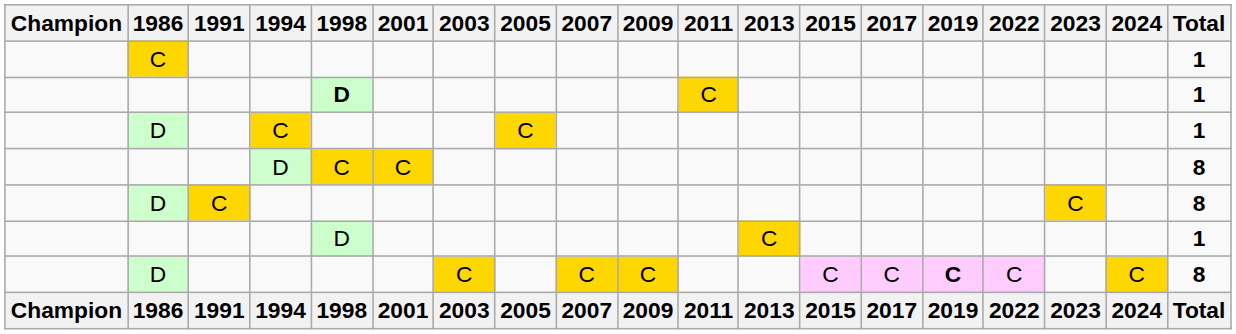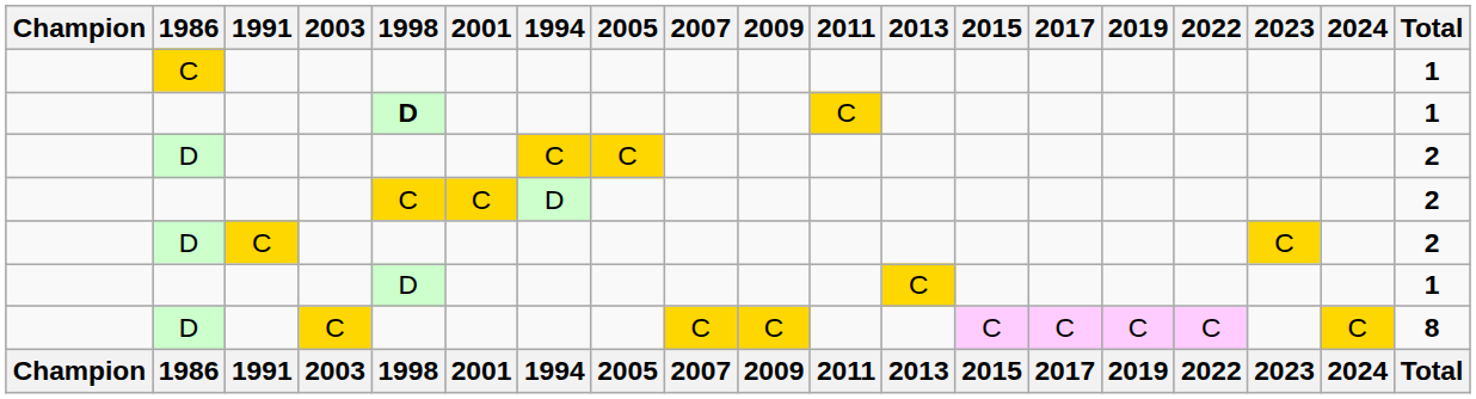 <table class="wikitable" style="text-align: center; font-size: 90%; margin-left: 1em;">
 <tr>
 <th>Champion</th>
 <th>1986</th>
 <th>1991</th>
-<th>1994</th>
+<th>2003</th>
 <th>1998</th>
 <th>2001</th>
-<th>2003</th>
+<th>1994</th>
 <th>2005</th>
 <th>2007</th>
 <th>2009</th>
 <th>2011</th>
 <th>2013</th>
 <th>2015</th>
 <th>2017</th>
 <th>2019</th>
 <th>2022</th>
 <th>2023</th>
 <th>2024</th>
 <th>Total</th>
 </tr>
 <tr>
 <td style="text-align: left;"></td>
 <td style="background-color: gold;">C</td>
 <td></td>
 <td></td>
 <td></td>
 <td></td>
 <td></td>
 <td></td>
 <td></td>
 <td></td>
 <td></td>
 <td></td>
 <td></td>
 <td></td>
 <td></td>
 <td></td>
 <td></td>
 <td></td>
 <td><strong>1</strong></td>
 </tr>
 <tr>
 <td style="text-align: left;"></td>
 <td></td>
 <td></td>
 <td></td>
 <td style="background-color: #ccffcc;"><strong>D</strong></td>
 <td></td>
 <td></td>
 <td></td>
 <td></td>
 <td></td>
 <td style="background-color: gold;">C</td>
 <td></td>
 <td></td>
 <td></td>
 <td></td>
 <td></td>
 <td></td>
 <td></td>
 <td><strong>1</strong></td>
 </tr>
 <tr>
 <td style="text-align: left;"></td>
 <td style="background-color: #ccffcc;">D</td>
 <td></td>
-<td style="background-color: gold;">C</td>
 <td></td>
 <td></td>
 <td></td>
-<td style="background-color: gold;">C</td>
-<td></td>
-<td></td>
-<td></td>
-<td></td>
-<td></td>
-<td></td>
-<td></td>
-<td></td>
-<td></td>
-<td></td>
-<td><strong>1</strong></td>
-</tr>
-<tr>
-<td style="text-align: left;"></td>
-<td></td>
-<td></td>
-<td style="background-color: #ccffcc;">D</td>
 <td style="background-color: gold;">C</td>
 <td style="background-color: gold;">C</td>
 <td></td>
 <td></td>
 <td></td>
 <td></td>
 <td></td>
 <td></td>
 <td></td>
 <td></td>
 <td></td>
 <td></td>
+<td><strong>2</strong></td>
+</tr>
+<tr>
+<td style="text-align: left;"></td>
 <td></td>
 <td></td>
-<td><strong>8</strong></td>
+<td></td>
+<td style="background-color: gold;">C</td>
+<td style="background-color: gold;">C</td>
+<td style="background-color: #ccffcc;">D</td>
+<td></td>
+<td></td>
+<td></td>
+<td></td>
+<td></td>
+<td></td>
+<td></td>
+<td></td>
+<td></td>
+<td></td>
+<td></td>
+<td><strong>2</strong></td>
 </tr>
 <tr>
 <td style="text-align: left;"></td>
 <td style="background-color: #ccffcc;">D</td>
 <td style="background-color: gold;">C</td>
 <td></td>
 <td></td>
 <td></td>
 <td></td>
 <td></td>
 <td></td>
 <td></td>
 <td></td>
 <td></td>
 <td></td>
 <td></td>
 <td></td>
 <td></td>
 <td style="background-color: gold;">C</td>
 <td></td>
-<td><strong>8</strong></td>
+<td><strong>2</strong></td>
 </tr>
 <tr>
 <td style="text-align: left;"></td>
 <td></td>
 <td></td>
 <td></td>
 <td style="background-color: #ccffcc;">D</td>
 <td></td>
 <td></td>
 <td></td>
 <td></td>
 <td></td>
 <td></td>
 <td style="background-color: gold;">C</td>
 <td></td>
 <td></td>
 <td></td>
 <td></td>
 <td></td>
 <td></td>
 <td><strong>1</strong></td>
 </tr>
 <tr>
 <td style="text-align: left;"></td>
 <td style="background-color: #ccffcc;">D</td>
 <td></td>
+<td style="background-color: gold;">C</td>
 <td></td>
 <td></td>
 <td></td>
-<td style="background-color: gold;">C</td>
 <td></td>
 <td style="background-color: gold;">C</td>
 <td style="background-color: gold;">C</td>
 <td></td>
 <td></td>
 <td style="background-color: #ffccff;">C</td>
 <td style="background-color: #ffccff;">C</td>
-<td style="background-color: #ffccff;"><strong>C</strong></td>
+<td style="background-color: #ffccff;">C</td>
 <td style="background-color: #ffccff;">C</td>
 <td></td>
 <td style="background-color: gold;">C</td>
 <td><strong>8</strong></td>
 </tr>
 <tr>
 <th>Champion</th>
 <th>1986</th>
 <th>1991</th>
-<th>1994</th>
+<th>2003</th>
 <th>1998</th>
 <th>2001</th>
-<th>2003</th>
+<th>1994</th>
 <th>2005</th>
 <th>2007</th>
 <th>2009</th>
 <th>2011</th>
 <th>2013</th>
 <th>2015</th>
 <th>2017</th>
 <th>2019</th>
 <th>2022</th>
 <th>2023</th>
 <th>2024</th>
 <th>Total</th>
 </tr>
 </table>
